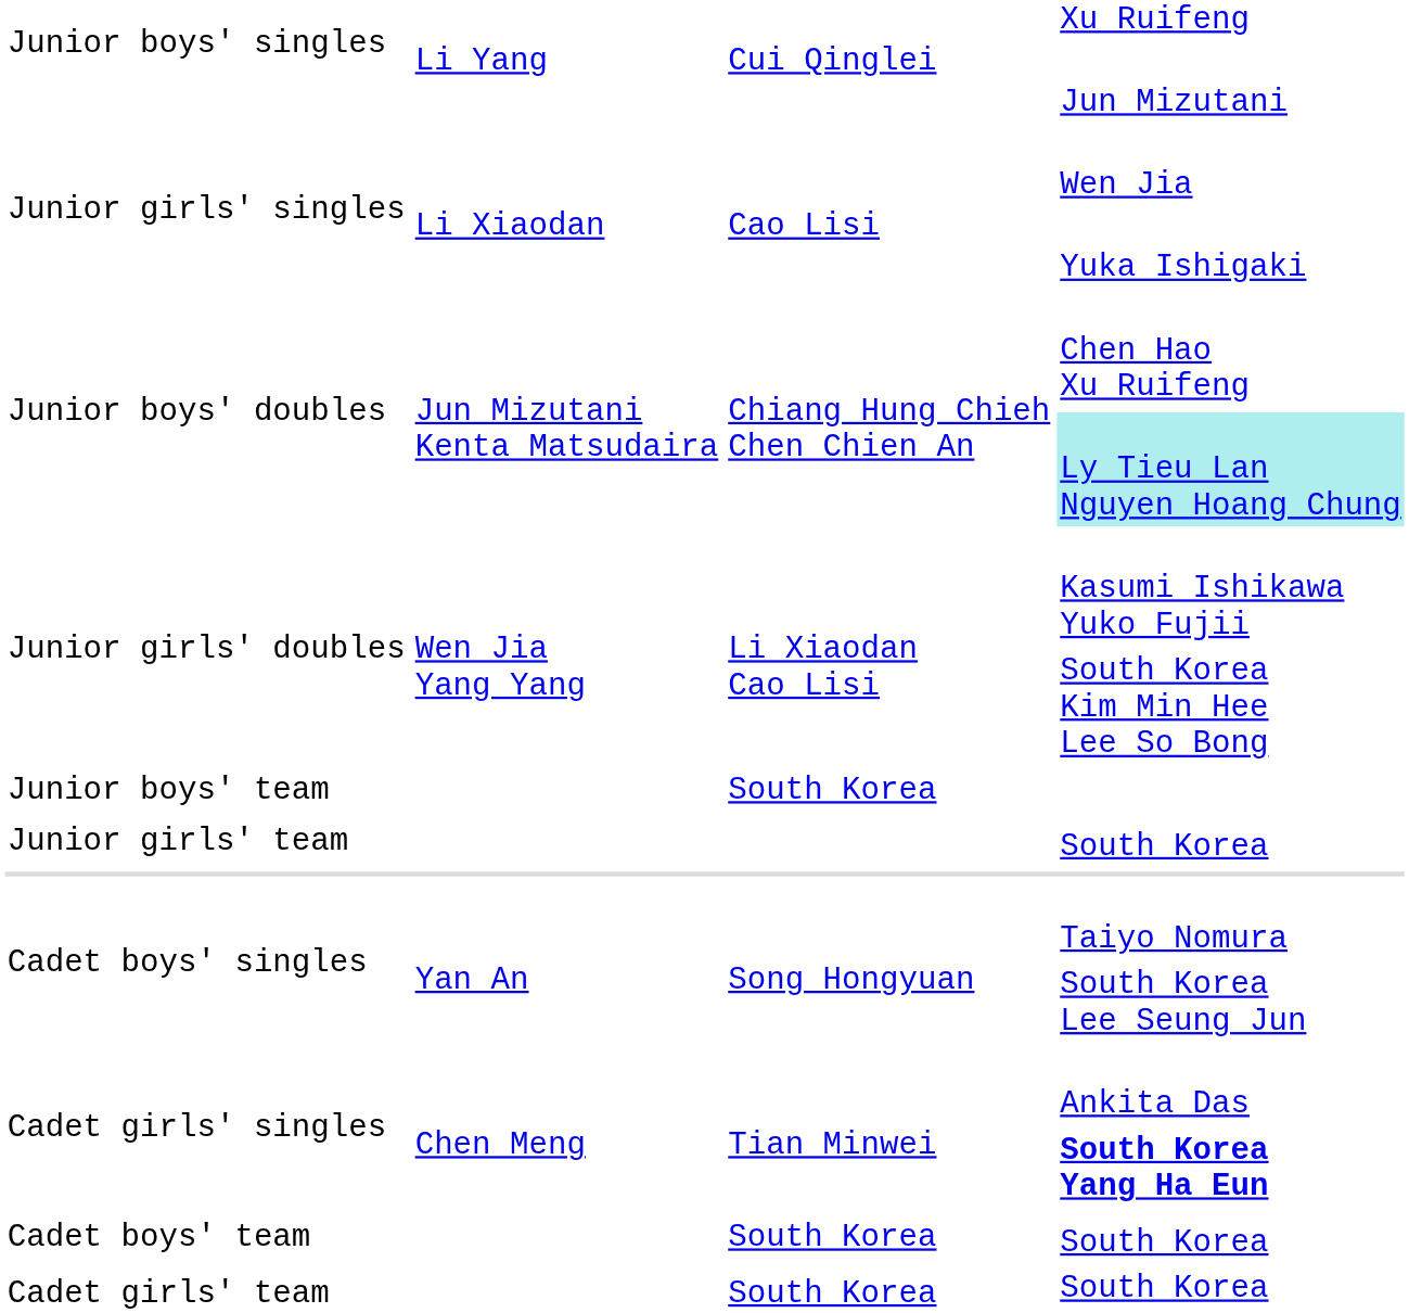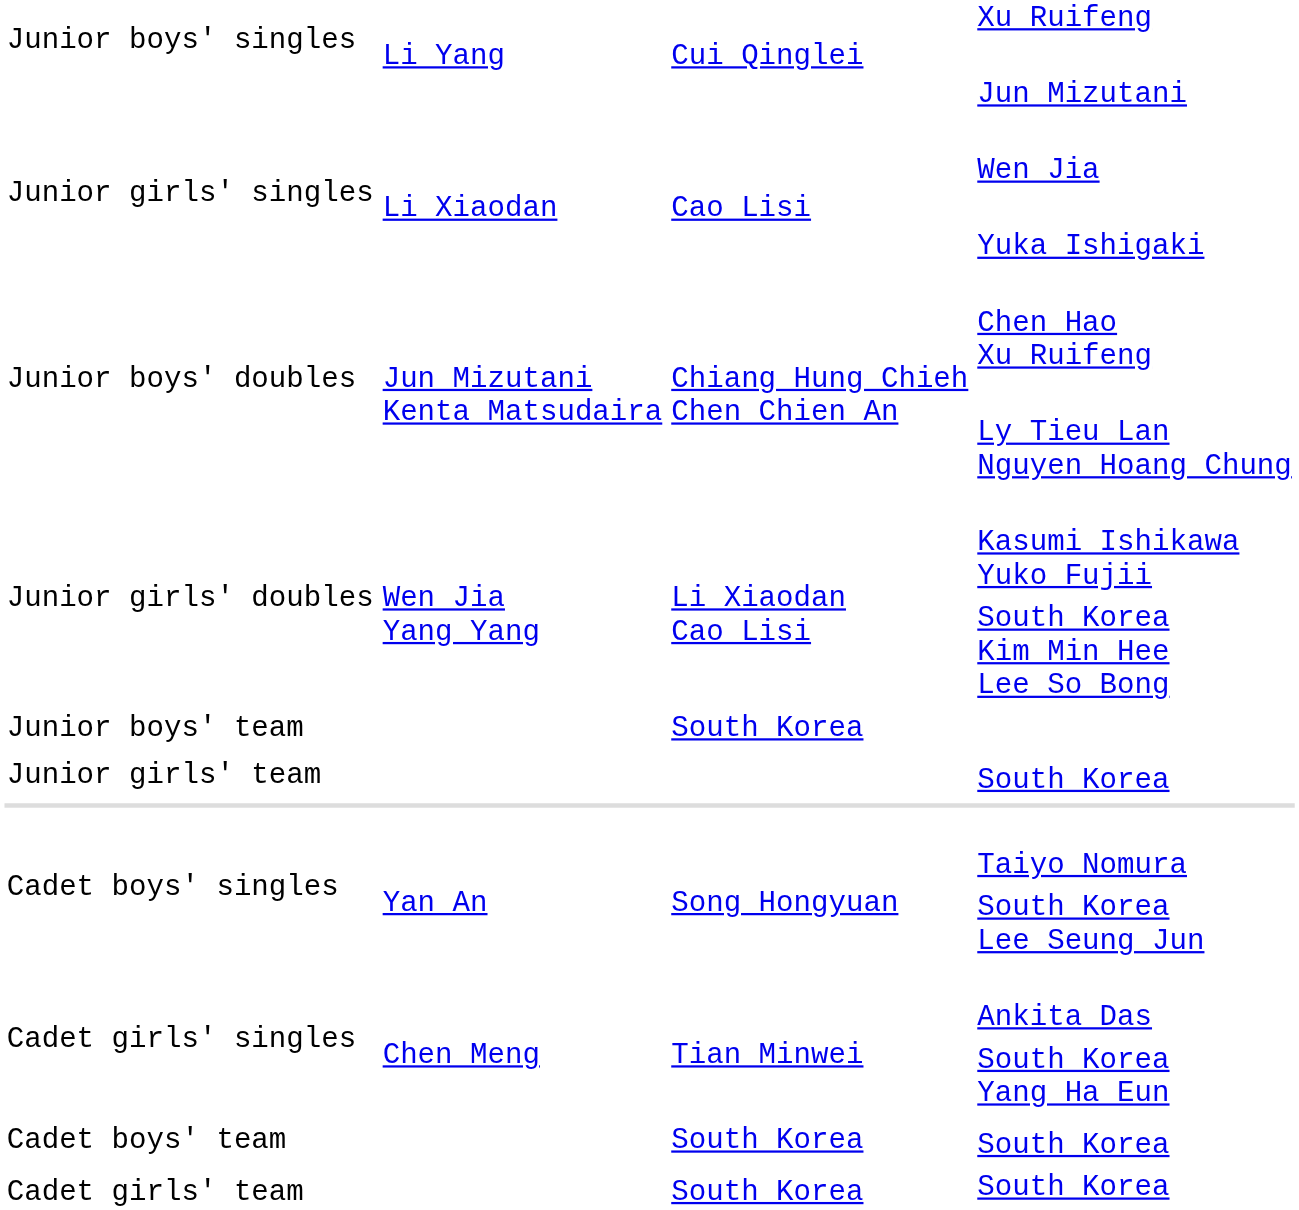 <table>
 <tr>
 <td rowspan=2>Junior boys' singles</td>
 <td rowspan=2><br><a href='#'>Li Yang</a></td>
 <td rowspan=2><br><a href='#'>Cui Qinglei</a></td>
 <td><br><a href='#'>Xu Ruifeng</a></td>
 </tr>
 <tr>
 <td><br><a href='#'>Jun Mizutani</a></td>
 </tr>
 <tr>
 <td rowspan=2>Junior girls' singles</td>
 <td rowspan=2><br><a href='#'>Li Xiaodan</a></td>
 <td rowspan=2><br><a href='#'>Cao Lisi</a></td>
 <td><br><a href='#'>Wen Jia</a></td>
 </tr>
 <tr>
 <td><br><a href='#'>Yuka Ishigaki</a></td>
 </tr>
 <tr>
 <td rowspan=2>Junior boys' doubles</td>
 <td rowspan=2><br><a href='#'>Jun Mizutani</a><br><a href='#'>Kenta Matsudaira</a></td>
 <td rowspan=2><br><a href='#'>Chiang Hung Chieh</a><br><a href='#'>Chen Chien An</a></td>
 <td><br><a href='#'>Chen Hao</a><br><a href='#'>Xu Ruifeng</a></td>
 </tr>
 <tr>
-<td style="background: paleturquoise;"><br><a href='#'>Ly Tieu Lan</a><br><a href='#'>Nguyen Hoang Chung</a></td>
+<td><br><a href='#'>Ly Tieu Lan</a><br><a href='#'>Nguyen Hoang Chung</a></td>
 </tr>
 <tr>
 <td rowspan=2>Junior girls' doubles</td>
 <td rowspan=2><br><a href='#'>Wen Jia</a><br><a href='#'>Yang Yang</a></td>
 <td rowspan=2><br><a href='#'>Li Xiaodan</a><br><a href='#'>Cao Lisi</a></td>
 <td><br><a href='#'>Kasumi Ishikawa</a><br><a href='#'>Yuko Fujii</a></td>
 </tr>
 <tr>
 <td> <a href='#'>South Korea</a><br><a href='#'>Kim Min Hee</a><br><a href='#'>Lee So Bong</a></td>
 </tr>
 <tr>
 <td rowspan=2>Junior boys' team</td>
 <td rowspan=2></td>
 <td rowspan=2> <a href='#'>South Korea</a></td>
 <td></td>
 </tr>
 <tr>
 <td></td>
 </tr>
 <tr>
 <td rowspan=2>Junior girls' team</td>
 <td rowspan=2></td>
 <td rowspan=2></td>
 <td></td>
 </tr>
 <tr>
 <td> <a href='#'>South Korea</a></td>
 </tr>
 <tr style="background:#dddddd;">
 <td colspan=7></td>
 </tr>
 <tr>
 <td rowspan=2>Cadet boys' singles</td>
 <td rowspan=2><br><a href='#'>Yan An</a></td>
 <td rowspan=2><br><a href='#'>Song Hongyuan</a></td>
 <td><br><a href='#'>Taiyo Nomura</a></td>
 </tr>
 <tr>
 <td> <a href='#'>South Korea</a><br><a href='#'>Lee Seung Jun</a></td>
 </tr>
 <tr>
 <td rowspan=2>Cadet girls' singles</td>
 <td rowspan=2><br><a href='#'>Chen Meng</a></td>
 <td rowspan=2><br><a href='#'>Tian Minwei</a></td>
 <td><br><a href='#'>Ankita Das</a></td>
 </tr>
 <tr>
-<td><strong> <a href='#'>South Korea</a><br><a href='#'>Yang Ha Eun</a></strong></td>
+<td> <a href='#'>South Korea</a><br><a href='#'>Yang Ha Eun</a></td>
 </tr>
 <tr>
 <td rowspan=2>Cadet boys' team</td>
 <td rowspan=2></td>
 <td rowspan=2> <a href='#'>South Korea</a></td>
 <td></td>
 </tr>
 <tr>
 <td> <a href='#'>South Korea</a></td>
 </tr>
 <tr>
 <td rowspan=2>Cadet girls' team</td>
 <td rowspan=2></td>
 <td rowspan=2> <a href='#'>South Korea</a></td>
 <td> <a href='#'>South Korea</a></td>
 </tr>
 <tr>
 <td></td>
 </tr>
 </table>
